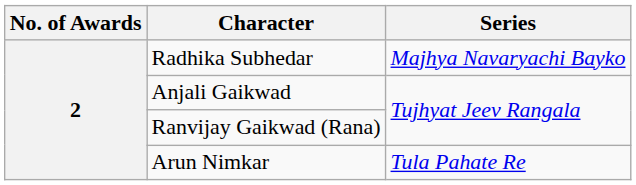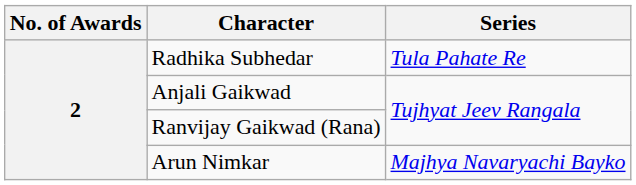 <table class="wikitable" style="display:inline-table;">
 <tr>
 <th>No. of Awards</th>
 <th>Character</th>
 <th>Series</th>
 </tr>
 <tr>
 <th rowspan="4">2</th>
 <td>Radhika Subhedar</td>
-<td><em><a href='#'>Majhya Navaryachi Bayko</a></em></td>
+<td><em><a href='#'>Tula Pahate Re</a></em></td>
 </tr>
 <tr>
 <td>Anjali Gaikwad</td>
 <td rowspan="2"><em><a href='#'>Tujhyat Jeev Rangala</a></em></td>
 </tr>
 <tr>
 <td>Ranvijay Gaikwad (Rana)</td>
 </tr>
 <tr>
 <td>Arun Nimkar</td>
-<td><em><a href='#'>Tula Pahate Re</a></em></td>
+<td><em><a href='#'>Majhya Navaryachi Bayko</a></em></td>
 </tr>
 </table>
